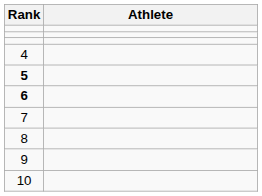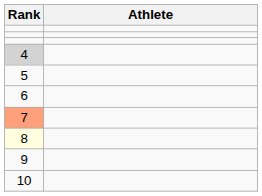 <table class="wikitable" style="text-align: center;">
 <tr>
 <th width=40>Rank</th>
 <th width=250>Athlete</th>
 </tr>
 <tr>
 <td></td>
 <td align=left></td>
 </tr>
 <tr>
 <td></td>
 <td align=left></td>
 </tr>
 <tr>
 <td></td>
 <td align=left></td>
 </tr>
 <tr>
-<td>4</td>
+<td style="background: lightgrey;">4</td>
 <td align=left></td>
 </tr>
 <tr>
-<td><strong>5</strong></td>
+<td>5</td>
 <td align=left></td>
 </tr>
 <tr>
-<td><strong>6</strong></td>
+<td>6</td>
 <td align=left></td>
 </tr>
 <tr>
-<td>7</td>
+<td style="background: lightsalmon;">7</td>
 <td align=left></td>
 </tr>
 <tr>
-<td>8</td>
+<td style="background: lightyellow;">8</td>
 <td align=left></td>
 </tr>
 <tr>
 <td>9</td>
 <td align=left></td>
 </tr>
 <tr>
 <td>10</td>
 <td align=left></td>
 </tr>
 </table>
